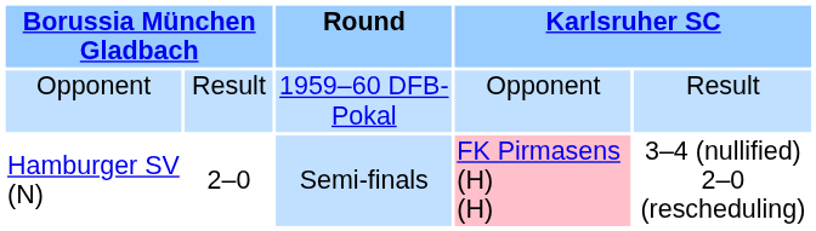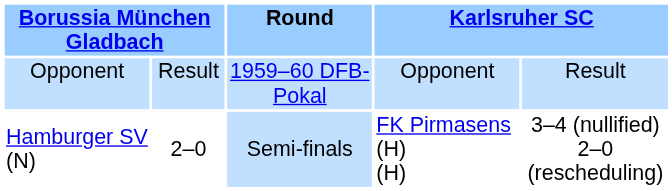 <table style="width:80%; text-align:center;">
 <tr style="vertical-align:top; background:#99CCFF;">
 <th colspan="2"><a href='#'>Borussia München Gladbach</a></th>
 <th style="width:20%">Round</th>
 <th colspan="2"><a href='#'>Karlsruher SC</a></th>
 </tr>
 <tr style="vertical-align:top; background:#C1E0FF;">
 <td style="width:20%">Opponent</td>
 <td style="width:10%">Result</td>
 <td><a href='#'>1959–60 DFB-Pokal</a></td>
 <td style="width:20%">Opponent</td>
 <td style="width:10%">Result</td>
 </tr>
 <tr>
 <td align="left"><a href='#'>Hamburger SV</a> (N)</td>
 <td>2–0</td>
 <td style="background:#C1E0FF;">Semi-finals</td>
-<td align="left" style="background: pink;"><a href='#'>FK Pirmasens</a> (H)<br> (H)</td>
+<td align="left"><a href='#'>FK Pirmasens</a> (H)<br> (H)</td>
 <td>3–4 (nullified)<br>2–0 (rescheduling)</td>
 </tr>
 </table>
